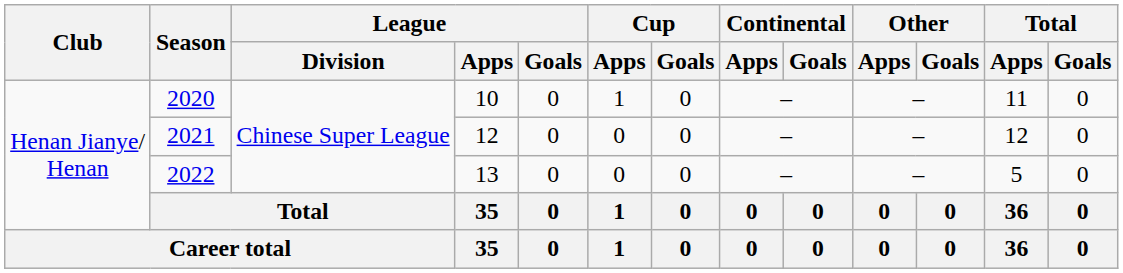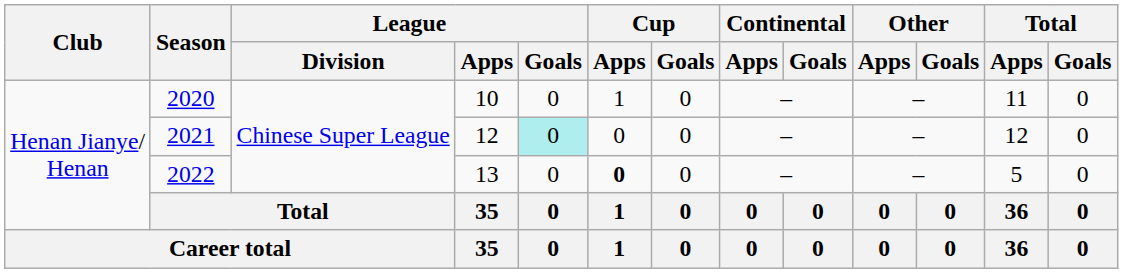 <table class="wikitable" style="text-align: center">
 <tr>
 <th rowspan="2">Club</th>
 <th rowspan="2">Season</th>
 <th colspan="3">League</th>
 <th colspan="2">Cup</th>
 <th colspan="2">Continental</th>
 <th colspan="2">Other</th>
 <th colspan="2">Total</th>
 </tr>
 <tr>
 <th>Division</th>
 <th>Apps</th>
 <th>Goals</th>
 <th>Apps</th>
 <th>Goals</th>
 <th>Apps</th>
 <th>Goals</th>
 <th>Apps</th>
 <th>Goals</th>
 <th>Apps</th>
 <th>Goals</th>
 </tr>
 <tr>
 <td rowspan=4><a href='#'>Henan Jianye</a>/<br><a href='#'>Henan</a></td>
 <td><a href='#'>2020</a></td>
 <td rowspan=3><a href='#'>Chinese Super League</a></td>
 <td>10</td>
 <td>0</td>
 <td>1</td>
 <td>0</td>
 <td colspan="2">–</td>
 <td colspan="2">–</td>
 <td>11</td>
 <td>0</td>
 </tr>
 <tr>
 <td><a href='#'>2021</a></td>
 <td>12</td>
-<td>0</td>
+<td style="background: paleturquoise;">0</td>
 <td>0</td>
 <td>0</td>
 <td colspan="2">–</td>
 <td colspan="2">–</td>
 <td>12</td>
 <td>0</td>
 </tr>
 <tr>
 <td><a href='#'>2022</a></td>
 <td>13</td>
 <td>0</td>
-<td>0</td>
+<td><strong>0</strong></td>
 <td>0</td>
 <td colspan="2">–</td>
 <td colspan="2">–</td>
 <td>5</td>
 <td>0</td>
 </tr>
 <tr>
 <th colspan="2">Total</th>
 <th>35</th>
 <th>0</th>
 <th>1</th>
 <th>0</th>
 <th>0</th>
 <th>0</th>
 <th>0</th>
 <th>0</th>
 <th>36</th>
 <th>0</th>
 </tr>
 <tr>
 <th colspan="3">Career total</th>
 <th>35</th>
 <th>0</th>
 <th>1</th>
 <th>0</th>
 <th>0</th>
 <th>0</th>
 <th>0</th>
 <th>0</th>
 <th>36</th>
 <th>0</th>
 </tr>
 </table>
